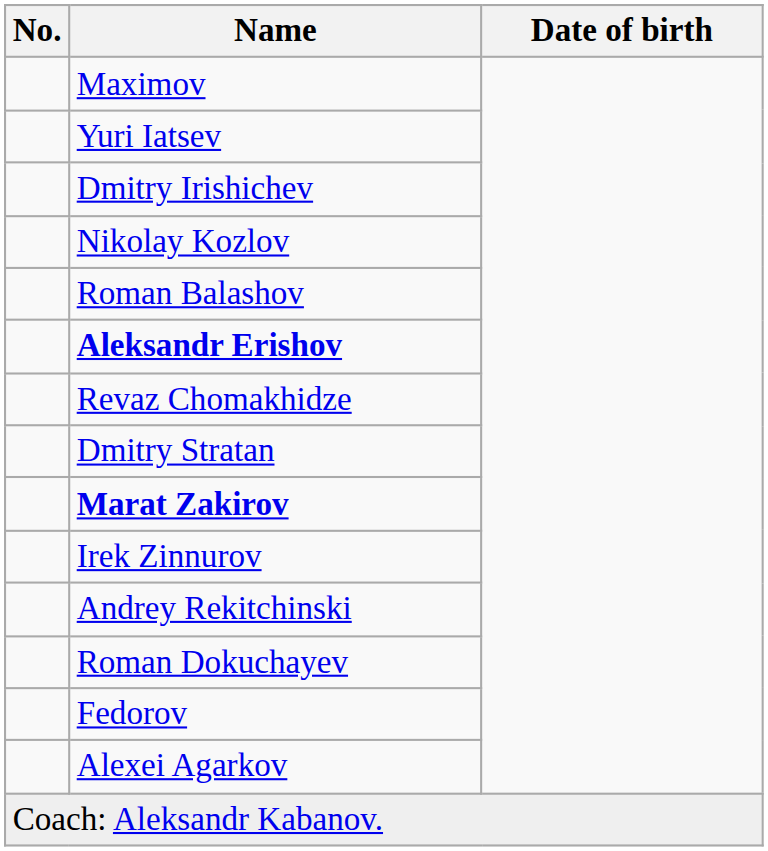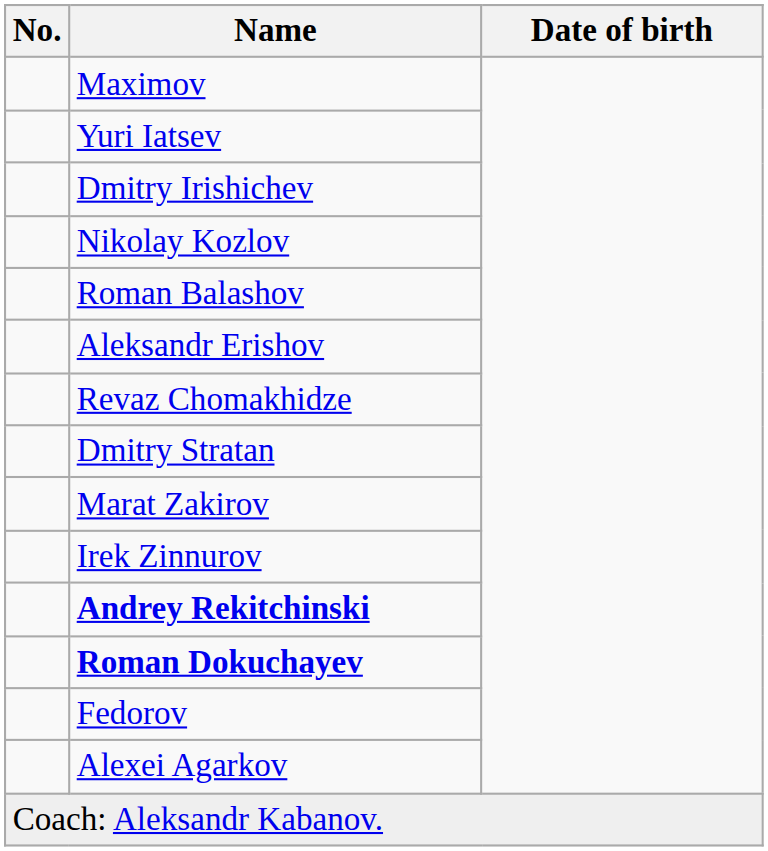 <table class=wikitable sortable style=font-size:100%; text-align:center;>
 <tr>
 <th>No.</th>
 <th style=width:12em>Name</th>
 <th style=width:8em>Date of birth</th>
 </tr>
 <tr>
 <td></td>
 <td align=left><a href='#'>Maximov</a></td>
 </tr>
 <tr>
 <td></td>
 <td align=left><a href='#'>Yuri Iatsev</a></td>
 </tr>
 <tr>
 <td></td>
 <td align=left><a href='#'>Dmitry Irishichev</a></td>
 </tr>
 <tr>
 <td></td>
 <td align=left><a href='#'>Nikolay Kozlov</a></td>
 </tr>
 <tr>
 <td></td>
 <td align=left><a href='#'>Roman Balashov</a></td>
 </tr>
 <tr>
 <td></td>
-<td align=left><strong><a href='#'>Aleksandr Erishov</a></strong></td>
+<td align=left><a href='#'>Aleksandr Erishov</a></td>
 </tr>
 <tr>
 <td></td>
 <td align=left><a href='#'>Revaz Chomakhidze</a></td>
 </tr>
 <tr>
 <td></td>
 <td align=left><a href='#'>Dmitry Stratan</a></td>
 </tr>
 <tr>
 <td></td>
-<td align=left><strong><a href='#'>Marat Zakirov</a></strong></td>
+<td align=left><a href='#'>Marat Zakirov</a></td>
 </tr>
 <tr>
 <td></td>
 <td align=left><a href='#'>Irek Zinnurov</a></td>
 </tr>
 <tr>
 <td></td>
-<td align=left><a href='#'>Andrey Rekitchinski</a></td>
+<td align=left><strong><a href='#'>Andrey Rekitchinski</a></strong></td>
 </tr>
 <tr>
 <td></td>
-<td align=left><a href='#'>Roman Dokuchayev</a></td>
+<td align=left><strong><a href='#'>Roman Dokuchayev</a></strong></td>
 </tr>
 <tr>
 <td></td>
 <td align=left><a href='#'>Fedorov</a></td>
 </tr>
 <tr>
 <td></td>
 <td align=left><a href='#'>Alexei Agarkov</a></td>
 </tr>
 <tr style=background:#efefef;>
 <td colspan=3 style=text-align:left;>Coach: <a href='#'>Aleksandr Kabanov.</a></td>
 </tr>
 </table>
